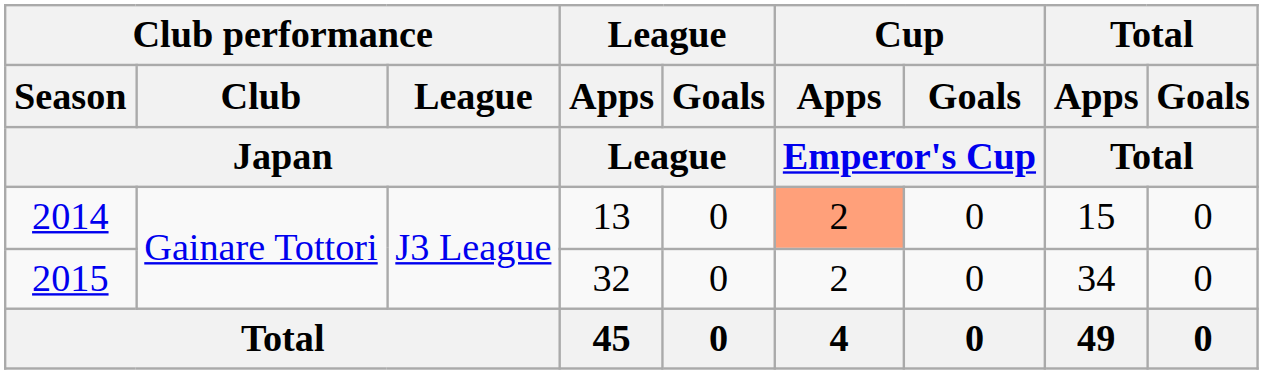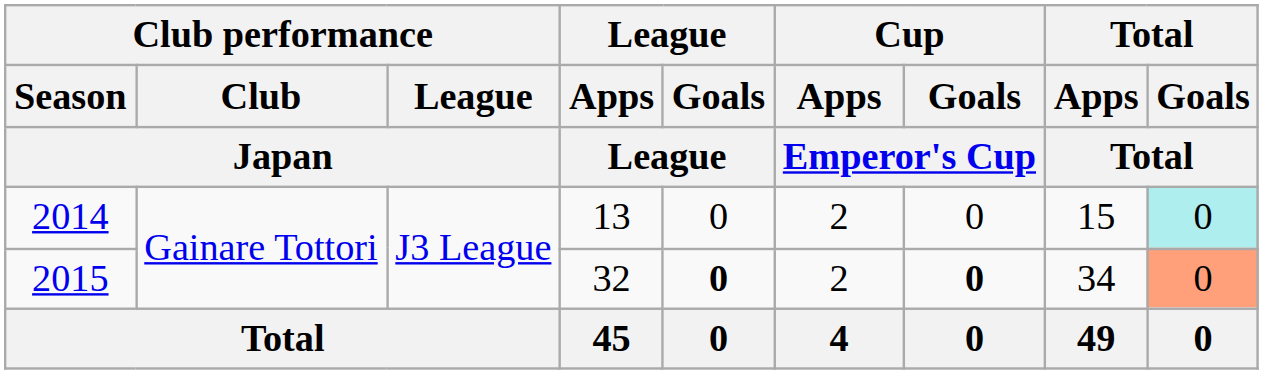 <table class="wikitable" style="text-align:center;">
 <tr>
 <th colspan=3>Club performance</th>
 <th colspan=2>League</th>
 <th colspan=2>Cup</th>
 <th colspan=2>Total</th>
 </tr>
 <tr>
 <th>Season</th>
 <th>Club</th>
 <th>League</th>
 <th>Apps</th>
 <th>Goals</th>
 <th>Apps</th>
 <th>Goals</th>
 <th>Apps</th>
 <th>Goals</th>
 </tr>
 <tr>
 <th colspan=3>Japan</th>
 <th colspan=2>League</th>
 <th colspan=2><a href='#'>Emperor's Cup</a></th>
 <th colspan=2>Total</th>
 </tr>
 <tr>
 <td><a href='#'>2014</a></td>
 <td rowspan="2"><a href='#'>Gainare Tottori</a></td>
 <td rowspan="2"><a href='#'>J3 League</a></td>
 <td>13</td>
 <td>0</td>
-<td style="background: lightsalmon;">2</td>
+<td>2</td>
 <td>0</td>
 <td>15</td>
-<td>0</td>
+<td style="background: paleturquoise;">0</td>
 </tr>
 <tr>
 <td><a href='#'>2015</a></td>
 <td>32</td>
-<td>0</td>
+<td><strong>0</strong></td>
 <td>2</td>
-<td>0</td>
+<td><strong>0</strong></td>
 <td>34</td>
-<td>0</td>
+<td style="background: lightsalmon;">0</td>
 </tr>
 <tr>
 <th colspan=3>Total</th>
 <th>45</th>
 <th>0</th>
 <th>4</th>
 <th>0</th>
 <th>49</th>
 <th>0</th>
 </tr>
 </table>
